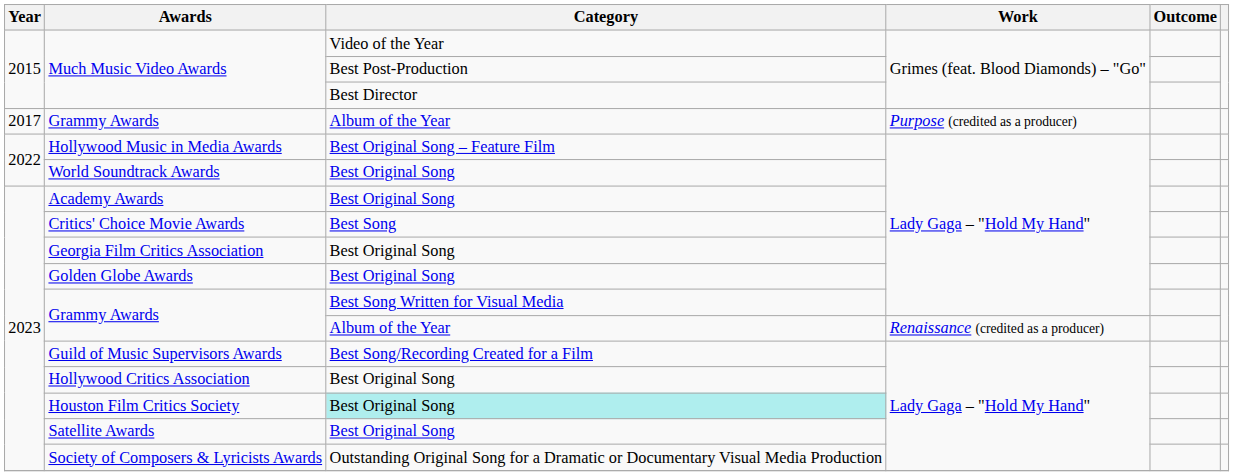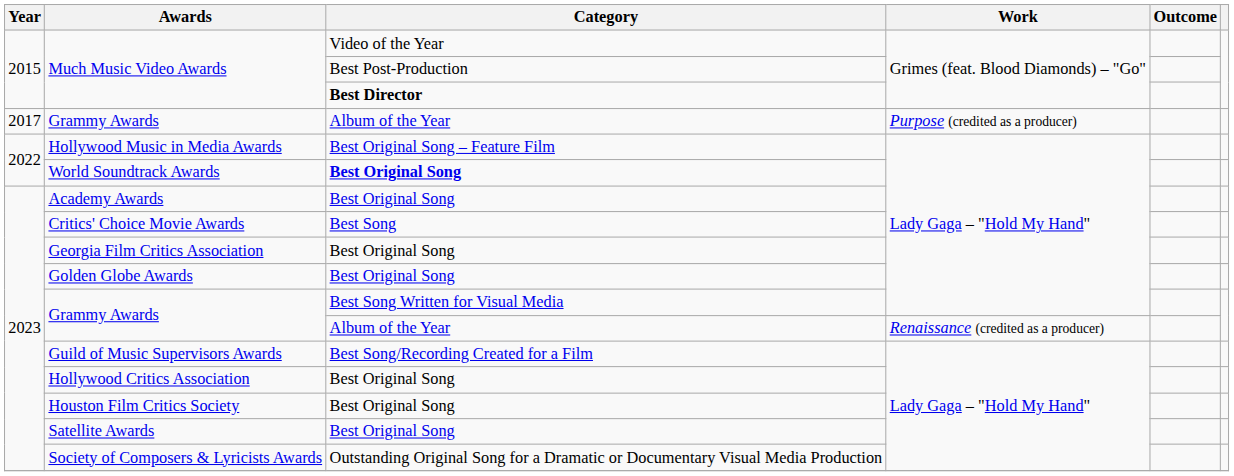 <table class="wikitable">
 <tr>
 <th>Year</th>
 <th>Awards</th>
 <th>Category</th>
 <th>Work</th>
 <th>Outcome</th>
 <th></th>
 </tr>
 <tr>
 <td rowspan="3">2015</td>
 <td rowspan="3"><a href='#'>Much Music Video Awards</a></td>
 <td>Video of the Year</td>
 <td rowspan="3">Grimes (feat. Blood Diamonds) – "Go"</td>
 <td></td>
 <td rowspan="3" style="text-align:center;"></td>
 </tr>
 <tr>
 <td>Best Post-Production</td>
 <td></td>
 </tr>
 <tr>
-<td>Best Director</td>
+<td><strong>Best Director</strong></td>
 <td></td>
 </tr>
 <tr>
 <td>2017</td>
 <td><a href='#'>Grammy Awards</a></td>
 <td><a href='#'>Album of the Year</a></td>
 <td><em><a href='#'>Purpose</a></em> <small>(credited as a producer)</small></td>
 <td></td>
 <td style="text-align:center;"></td>
 </tr>
 <tr>
 <td rowspan="2">2022</td>
 <td><a href='#'>Hollywood Music in Media Awards</a></td>
 <td><a href='#'>Best Original Song – Feature Film</a></td>
 <td rowspan="7"><a href='#'>Lady Gaga</a> – "<a href='#'>Hold My Hand</a>"</td>
 <td></td>
 <td style="text-align:center;"></td>
 </tr>
 <tr>
 <td><a href='#'>World Soundtrack Awards</a></td>
-<td><a href='#'>Best Original Song</a></td>
+<td><strong><a href='#'>Best Original Song</a></strong></td>
 <td></td>
 <td style="text-align:center;"></td>
 </tr>
 <tr>
 <td rowspan="11">2023</td>
 <td><a href='#'>Academy Awards</a></td>
 <td><a href='#'>Best Original Song</a></td>
 <td></td>
 <td style="text-align:center;"></td>
 </tr>
 <tr>
 <td><a href='#'>Critics' Choice Movie Awards</a></td>
 <td><a href='#'>Best Song</a></td>
 <td></td>
 <td style="text-align:center;"></td>
 </tr>
 <tr>
 <td><a href='#'>Georgia Film Critics Association</a></td>
 <td>Best Original Song</td>
 <td></td>
 <td style="text-align:center;"></td>
 </tr>
 <tr>
 <td><a href='#'>Golden Globe Awards</a></td>
 <td><a href='#'>Best Original Song</a></td>
 <td></td>
 <td style="text-align:center;"></td>
 </tr>
 <tr>
 <td rowspan="2"><a href='#'>Grammy Awards</a></td>
 <td><a href='#'>Best Song Written for Visual Media</a></td>
 <td></td>
 <td rowspan="2" style="text-align:center;"></td>
 </tr>
 <tr>
 <td><a href='#'>Album of the Year</a></td>
 <td><em><a href='#'>Renaissance</a></em> <small>(credited as a producer)</small></td>
 <td></td>
 </tr>
 <tr>
 <td><a href='#'>Guild of Music Supervisors Awards</a></td>
 <td><a href='#'>Best Song/Recording Created for a Film</a></td>
 <td rowspan="5"><a href='#'>Lady Gaga</a> – "<a href='#'>Hold My Hand</a>"</td>
 <td></td>
 <td style="text-align:center;"></td>
 </tr>
 <tr>
 <td><a href='#'>Hollywood Critics Association</a></td>
 <td>Best Original Song</td>
 <td></td>
 <td style="text-align:center;"></td>
 </tr>
 <tr>
 <td><a href='#'>Houston Film Critics Society</a></td>
-<td style="background: paleturquoise;">Best Original Song</td>
+<td>Best Original Song</td>
 <td></td>
 <td style="text-align:center;"></td>
 </tr>
 <tr>
 <td><a href='#'>Satellite Awards</a></td>
 <td><a href='#'>Best Original Song</a></td>
 <td></td>
 <td style="text-align:center;"></td>
 </tr>
 <tr>
 <td><a href='#'>Society of Composers & Lyricists Awards</a></td>
 <td>Outstanding Original Song for a Dramatic or Documentary Visual Media Production</td>
 <td></td>
 <td style="text-align:center;"></td>
 </tr>
 <tr>
 </tr>
 </table>
